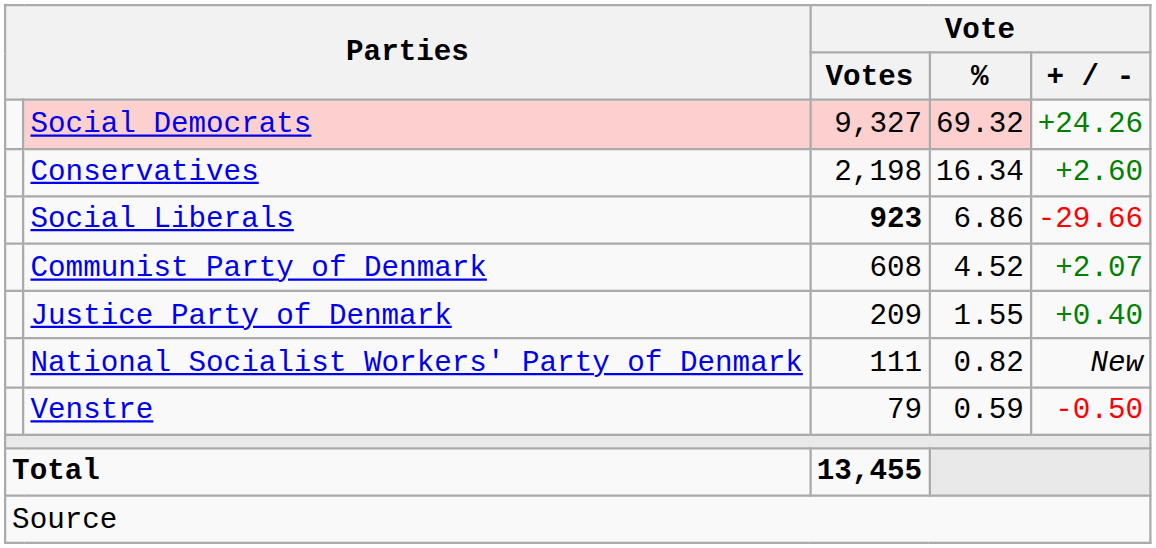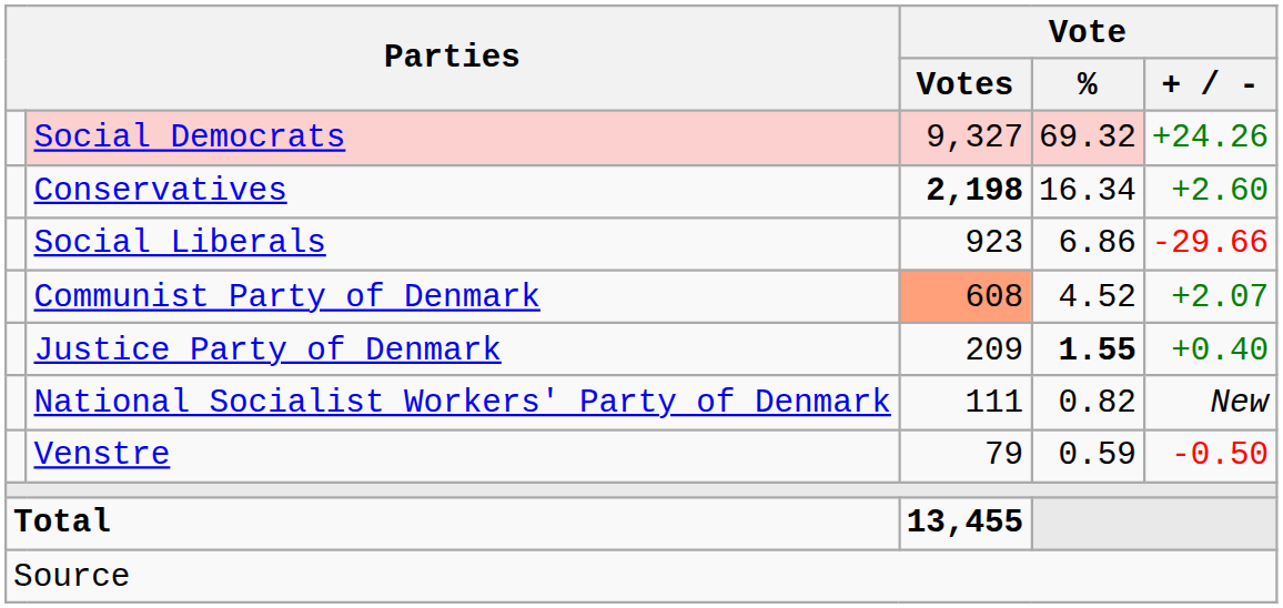 <table class="wikitable" style="text-align:right;">
 <tr>
 <th style="text-align:centre;" rowspan="2" colspan="2" width="225">Parties</th>
 <th colspan="3">Vote</th>
 </tr>
 <tr>
 <th width="15">Votes</th>
 <th width="15">%</th>
 <th width="15">+ / -</th>
 </tr>
 <tr>
 <td width="2" style="color:inherit;background:"></td>
 <td bgcolor=#fbd0ce  align="left"><a href='#'>Social Democrats</a></td>
 <td bgcolor=#fbd0ce>9,327</td>
 <td bgcolor=#fbd0ce>69.32</td>
 <td style=color:green;>+24.26</td>
 </tr>
 <tr>
 <td width="2" style="color:inherit;background:"></td>
 <td align="left"><a href='#'>Conservatives</a></td>
-<td>2,198</td>
+<td><strong>2,198</strong></td>
 <td>16.34</td>
 <td style=color:green;>+2.60</td>
 </tr>
 <tr>
 <td width="2" style="color:inherit;background:"></td>
 <td align="left"><a href='#'>Social Liberals</a></td>
-<td><strong>923</strong></td>
+<td>923</td>
 <td>6.86</td>
 <td style=color:red;>-29.66</td>
 </tr>
 <tr>
 <td width="2" style="color:inherit;background:"></td>
 <td align="left"><a href='#'>Communist Party of Denmark</a></td>
-<td>608</td>
+<td style="background: lightsalmon;">608</td>
 <td>4.52</td>
 <td style=color:green;>+2.07</td>
 </tr>
 <tr>
 <td width="2" style="color:inherit;background:"></td>
 <td align="left"><a href='#'>Justice Party of Denmark</a></td>
 <td>209</td>
-<td>1.55</td>
+<td><strong>1.55</strong></td>
 <td style=color:green;>+0.40</td>
 </tr>
 <tr>
 <td width="2" style="color:inherit;background:"></td>
 <td align="left"><a href='#'>National Socialist Workers' Party of Denmark</a></td>
 <td>111</td>
 <td>0.82</td>
 <td><em>New</em></td>
 </tr>
 <tr>
 <td width="2" style="color:inherit;background:"></td>
 <td align="left"><a href='#'>Venstre</a></td>
 <td>79</td>
 <td>0.59</td>
 <td style=color:red;>-0.50</td>
 </tr>
 <tr>
 <td colspan="7" bgcolor="#E9E9E9"></td>
 </tr>
 <tr>
 <td align="left" colspan="2"><strong>Total</strong></td>
 <td><strong>13,455</strong></td>
 <td bgcolor="#E9E9E9" colspan="2"></td>
 </tr>
 <tr>
 <td align="left" colspan="6">Source</td>
 </tr>
 </table>
